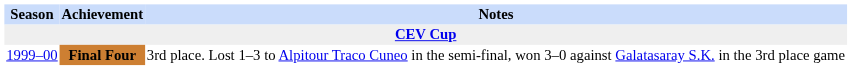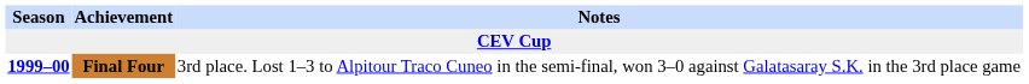 <table class="toccolours" border="0" cellpadding="2" cellspacing="0" align="left" style="margin:0.5em;">
 <tr bgcolor=#CADCFB>
 <th>Season</th>
 <th>Achievement</th>
 <th>Notes</th>
 </tr>
 <tr>
 <th colspan="4" bgcolor=#EFEFEF><strong><a href='#'>CEV Cup</a></strong></th>
 </tr>
 <tr>
-<td align="center"><a href='#'>1999–00</a></td>
+<td align="center"><strong><a href='#'>1999–00</a></strong></td>
 <td align="center" bgcolor= #CD7F32><strong>Final Four</strong></td>
 <td align="left">3rd place. Lost 1–3 to <a href='#'>Alpitour Traco Cuneo</a> in the semi-final, won 3–0 against <a href='#'>Galatasaray S.K.</a> in the 3rd place game</td>
 </tr>
 <tr>
 </tr>
 </table>
